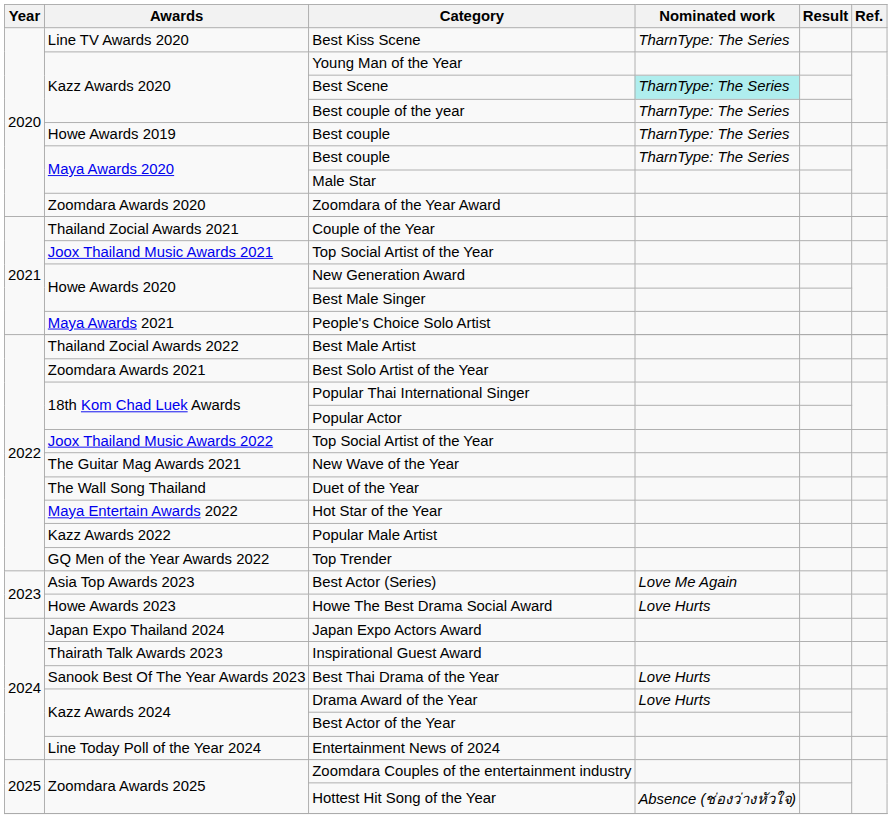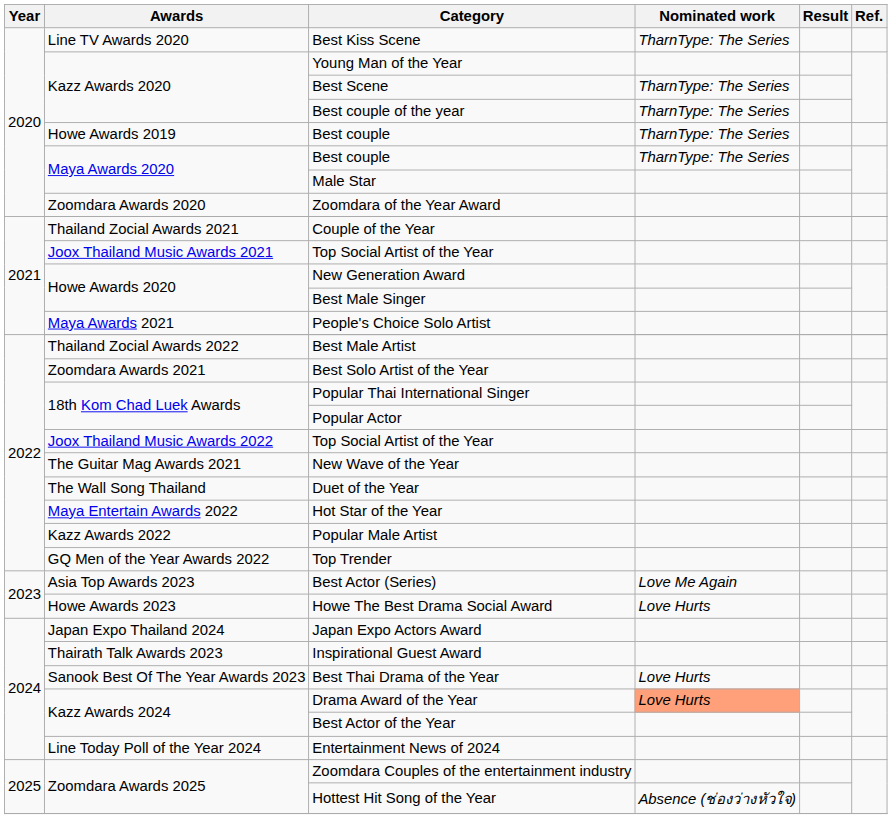 <table class="wikitable sortable">
 <tr>
 <th>Year</th>
 <th>Awards</th>
 <th>Category</th>
 <th>Nominated work</th>
 <th>Result</th>
 <th>Ref.</th>
 </tr>
 <tr>
 <td rowspan="8">2020</td>
 <td>Line TV Awards 2020</td>
 <td>Best Kiss Scene</td>
 <td><em>TharnType: The Series</em></td>
 <td></td>
 <td></td>
 </tr>
 <tr>
 <td rowspan="3">Kazz Awards 2020</td>
 <td>Young Man of the Year</td>
 <td></td>
 <td></td>
 <td rowspan="3"></td>
 </tr>
 <tr>
 <td>Best Scene</td>
-<td style="background: paleturquoise;"><em>TharnType: The Series</em></td>
+<td><em>TharnType: The Series</em></td>
 <td></td>
 </tr>
 <tr>
 <td>Best couple of the year</td>
 <td><em>TharnType: The Series</em></td>
 <td></td>
 </tr>
 <tr>
 <td>Howe Awards 2019</td>
 <td>Best couple</td>
 <td><em>TharnType: The Series </em></td>
 <td></td>
 <td></td>
 </tr>
 <tr>
 <td rowspan="2"><a href='#'>Maya Awards 2020</a></td>
 <td>Best couple</td>
 <td><em>TharnType: The Series </em></td>
 <td></td>
 <td rowspan="2"></td>
 </tr>
 <tr>
 <td>Male Star</td>
 <td></td>
 <td></td>
 </tr>
 <tr>
 <td>Zoomdara Awards 2020</td>
 <td>Zoomdara of the Year Award</td>
 <td></td>
 <td></td>
 <td></td>
 </tr>
 <tr>
 <td rowspan="6">2021</td>
 </tr>
 <tr>
 <td>Thailand Zocial Awards 2021</td>
 <td>Couple of the Year</td>
 <td></td>
 <td></td>
 <td></td>
 </tr>
 <tr>
 <td><a href='#'>Joox Thailand Music Awards 2021</a></td>
 <td>Top Social Artist of the Year</td>
 <td></td>
 <td></td>
 <td></td>
 </tr>
 <tr>
 <td rowspan="2">Howe Awards 2020</td>
 <td>New Generation Award</td>
 <td></td>
 <td></td>
 <td rowspan="2"></td>
 </tr>
 <tr>
 <td>Best Male Singer</td>
 <td></td>
 <td></td>
 </tr>
 <tr>
 <td><a href='#'>Maya Awards</a> 2021</td>
 <td>People's Choice Solo Artist</td>
 <td></td>
 <td></td>
 <td></td>
 </tr>
 <tr>
 <td rowspan="11">2022</td>
 </tr>
 <tr>
 <td>Thailand Zocial Awards 2022</td>
 <td>Best Male Artist</td>
 <td></td>
 <td></td>
 <td></td>
 </tr>
 <tr>
 <td>Zoomdara Awards 2021</td>
 <td>Best Solo Artist of the Year</td>
 <td></td>
 <td></td>
 <td></td>
 </tr>
 <tr>
 <td rowspan="2">18th <a href='#'>Kom Chad Luek</a> Awards</td>
 <td>Popular Thai International Singer</td>
 <td></td>
 <td></td>
 <td rowspan="2"></td>
 </tr>
 <tr>
 <td>Popular Actor</td>
 <td></td>
 <td></td>
 </tr>
 <tr>
 <td><a href='#'>Joox Thailand Music Awards 2022</a></td>
 <td>Top Social Artist of the Year</td>
 <td></td>
 <td></td>
 <td></td>
 </tr>
 <tr>
 <td>The Guitar Mag Awards 2021</td>
 <td>New Wave of the Year</td>
 <td></td>
 <td></td>
 <td></td>
 </tr>
 <tr>
 <td>The Wall Song Thailand</td>
 <td>Duet of the Year</td>
 <td></td>
 <td></td>
 <td></td>
 </tr>
 <tr>
 <td><a href='#'>Maya Entertain Awards</a> 2022</td>
 <td>Hot Star of the Year</td>
 <td></td>
 <td></td>
 <td></td>
 </tr>
 <tr>
 <td>Kazz Awards 2022</td>
 <td>Popular Male Artist</td>
 <td></td>
 <td></td>
 <td></td>
 </tr>
 <tr>
 <td>GQ Men of the Year Awards 2022</td>
 <td>Top Trender</td>
 <td></td>
 <td></td>
 <td></td>
 </tr>
 <tr>
 <td rowspan="2">2023</td>
 <td>Asia Top Awards 2023</td>
 <td>Best Actor (Series)</td>
 <td><em>Love Me Again </em></td>
 <td></td>
 <td></td>
 </tr>
 <tr>
 <td>Howe Awards 2023</td>
 <td>Howe The Best Drama Social Award</td>
 <td><em>Love Hurts </em></td>
 <td></td>
 <td></td>
 </tr>
 <tr>
 <td rowspan="6">2024</td>
 <td>Japan Expo Thailand 2024</td>
 <td>Japan Expo Actors Award</td>
 <td></td>
 <td></td>
 <td></td>
 </tr>
 <tr>
 <td>Thairath Talk Awards 2023</td>
 <td>Inspirational Guest Award</td>
 <td></td>
 <td></td>
 <td></td>
 </tr>
 <tr>
 <td>Sanook Best Of The Year Awards 2023</td>
 <td>Best Thai Drama of the Year</td>
 <td><em>Love Hurts </em></td>
 <td></td>
 <td></td>
 </tr>
 <tr>
 <td rowspan="2">Kazz Awards 2024</td>
 <td>Drama Award of the Year</td>
-<td><em>Love Hurts </em></td>
+<td style="background: lightsalmon;"><em>Love Hurts </em></td>
 <td></td>
 <td rowspan="2"></td>
 </tr>
 <tr>
 <td>Best Actor of the Year</td>
 <td></td>
 <td></td>
 </tr>
 <tr>
 <td>Line Today Poll of the Year 2024</td>
 <td>Entertainment News of 2024</td>
 <td></td>
 <td></td>
 <td></td>
 </tr>
 <tr>
 <td rowspan="2">2025</td>
 <td rowspan="2">Zoomdara Awards 2025</td>
 <td>Zoomdara Couples of the entertainment industry</td>
 <td></td>
 <td></td>
 <td rowspan="2"></td>
 </tr>
 <tr>
 <td>Hottest Hit Song of the Year</td>
 <td><em>Absence (ช่องว่างหัวใจ)</em></td>
 <td></td>
 </tr>
 <tr>
 </tr>
 </table>
